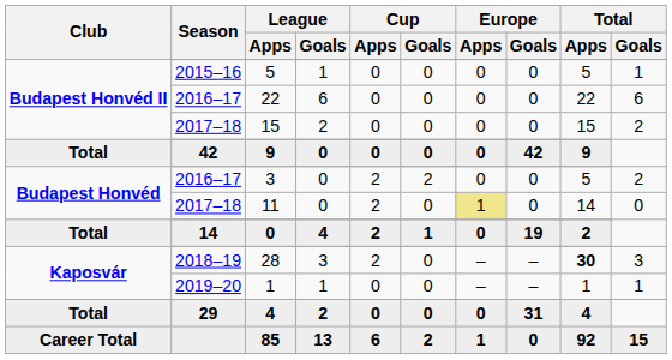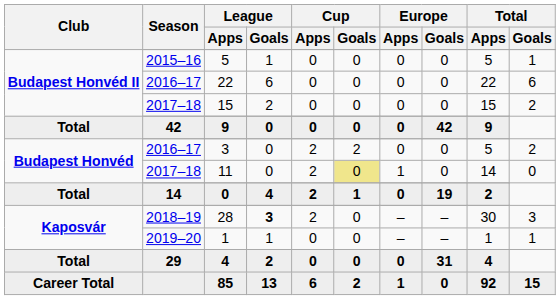 <table class="wikitable" style="font-size:90%; text-align: center;">
 <tr>
 <th rowspan="2">Club</th>
 <th rowspan="2">Season</th>
 <th colspan="2">League</th>
 <th colspan="2">Cup</th>
 <th colspan="2">Europe</th>
 <th colspan="2">Total</th>
 </tr>
 <tr>
 <th>Apps</th>
 <th>Goals</th>
 <th>Apps</th>
 <th>Goals</th>
 <th>Apps</th>
 <th>Goals</th>
 <th>Apps</th>
 <th>Goals</th>
 </tr>
 <tr ||-||-||-|->
 <td rowspan="5" valign="center"><strong><a href='#'>Budapest Honvéd II</a></strong></td>
 </tr>
 <tr>
 <td><a href='#'>2015–16</a></td>
 <td>5</td>
 <td>1</td>
 <td>0</td>
 <td>0</td>
 <td>0</td>
 <td>0</td>
 <td>5</td>
 <td>1</td>
 </tr>
 <tr>
 <td><a href='#'>2016–17</a></td>
 <td>22</td>
 <td>6</td>
 <td>0</td>
 <td>0</td>
 <td>0</td>
 <td>0</td>
 <td>22</td>
 <td>6</td>
 </tr>
 <tr>
 <td><a href='#'>2017–18</a></td>
 <td>15</td>
 <td>2</td>
 <td>0</td>
 <td>0</td>
 <td>0</td>
 <td>0</td>
 <td>15</td>
 <td>2</td>
 </tr>
 <tr>
 </tr>
 <tr style="font-weight:bold; background-color:#eeeeee;">
 <td>Total</td>
 <td>42</td>
 <td>9</td>
 <td>0</td>
 <td>0</td>
 <td>0</td>
 <td>0</td>
 <td>42</td>
 <td>9</td>
 </tr>
 <tr>
 <td rowspan="4" valign="center"><strong><a href='#'>Budapest Honvéd</a></strong></td>
 </tr>
 <tr>
 <td><a href='#'>2016–17</a></td>
 <td>3</td>
 <td>0</td>
 <td>2</td>
 <td>2</td>
 <td>0</td>
 <td>0</td>
 <td>5</td>
 <td>2</td>
 </tr>
 <tr>
 <td><a href='#'>2017–18</a></td>
 <td>11</td>
 <td>0</td>
 <td>2</td>
-<td>0</td>
-<td style="background: khaki;">1</td>
+<td style="background: khaki;">0</td>
+<td>1</td>
 <td>0</td>
 <td>14</td>
 <td>0</td>
 </tr>
 <tr>
 </tr>
 <tr style="font-weight:bold; background-color:#eeeeee;">
 <td>Total</td>
 <td>14</td>
 <td>0</td>
 <td>4</td>
 <td>2</td>
 <td>1</td>
 <td>0</td>
 <td>19</td>
 <td>2</td>
 </tr>
 <tr>
 <td rowspan="4" valign="center"><strong><a href='#'>Kaposvár</a></strong></td>
 </tr>
 <tr>
 <td><a href='#'>2018–19</a></td>
 <td>28</td>
-<td>3</td>
+<td><strong>3</strong></td>
 <td>2</td>
 <td>0</td>
 <td>–</td>
 <td>–</td>
-<td><strong>30</strong></td>
+<td>30</td>
 <td>3</td>
 </tr>
 <tr>
 <td><a href='#'>2019–20</a></td>
 <td>1</td>
 <td>1</td>
 <td>0</td>
 <td>0</td>
 <td>–</td>
 <td>–</td>
 <td>1</td>
 <td>1</td>
 </tr>
 <tr>
 </tr>
 <tr style="font-weight:bold; background-color:#eeeeee;">
 <td>Total</td>
 <td>29</td>
 <td>4</td>
 <td>2</td>
 <td>0</td>
 <td>0</td>
 <td>0</td>
 <td>31</td>
 <td>4</td>
 </tr>
 <tr style="font-weight:bold; background-color:#eeeeee;">
 <td rowspan="1" valign="top"><strong>Career Total</strong></td>
 <td></td>
 <td><strong>85</strong></td>
 <td><strong>13</strong></td>
 <td><strong>6</strong></td>
 <td><strong>2</strong></td>
 <td><strong>1</strong></td>
 <td><strong>0</strong></td>
 <td><strong>92</strong></td>
 <td><strong>15</strong></td>
 </tr>
 </table>
